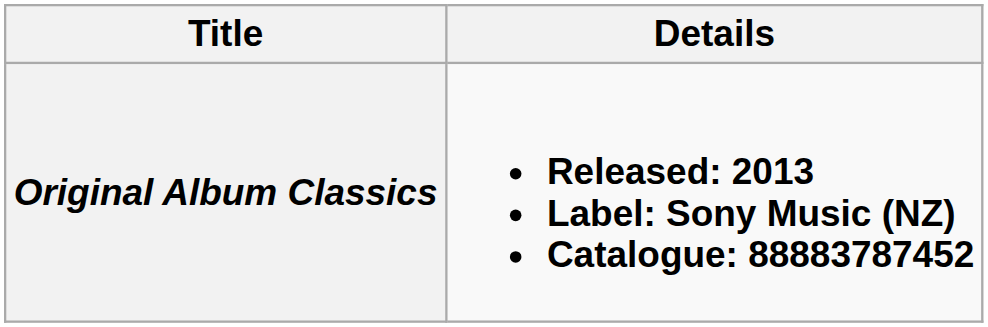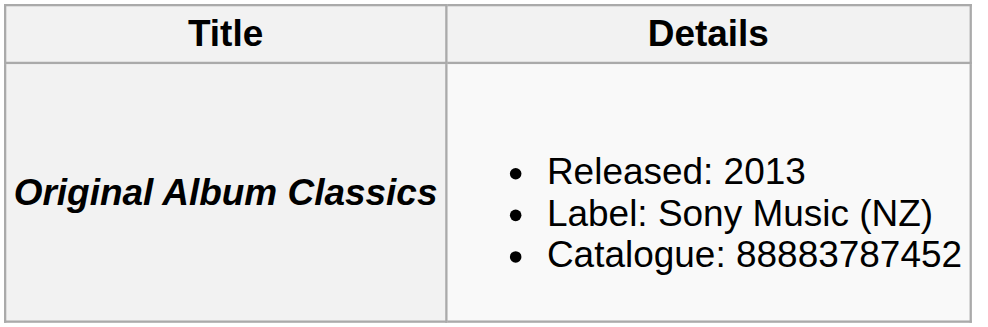 <table class="wikitable plainrowheaders">
 <tr>
 <th>Title</th>
 <th>Details</th>
 </tr>
 <tr>
 <th scope="row"><em>Original Album Classics</em> <br> </th>
-<td><strong><br><ul><li>Released: 2013</li><li>Label: Sony Music (NZ)</li><li>Catalogue: 88883787452</li></ul></strong></td>
+<td><br><ul><li>Released: 2013</li><li>Label: Sony Music (NZ)</li><li>Catalogue: 88883787452</li></ul></td>
 </tr>
 </table>
